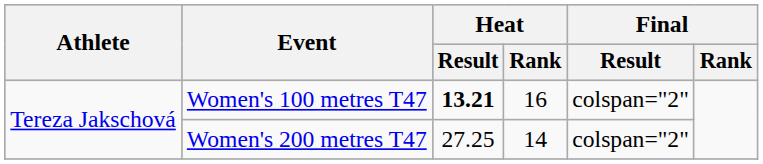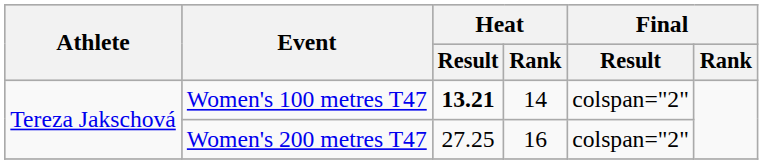 <table class=wikitable style="font-size:90%">
 <tr>
 <th rowspan="2">Athlete</th>
 <th rowspan="2">Event</th>
 <th colspan="2">Heat</th>
 <th colspan="2">Final</th>
 </tr>
 <tr style="font-size:95%">
 <th>Result</th>
 <th>Rank</th>
 <th>Result</th>
 <th>Rank</th>
 </tr>
 <tr align=center>
 <td rowspan=2 align=left><a href='#'>Tereza Jakschová</a></td>
 <td align=left><a href='#'>Women's 100 metres T47</a></td>
 <td><strong>13.21</strong></td>
-<td>16</td>
+<td>14</td>
 <td>colspan="2" </td>
 </tr>
 <tr align=center>
 <td align=left><a href='#'>Women's 200 metres T47</a></td>
 <td>27.25</td>
-<td>14</td>
+<td>16</td>
 <td>colspan="2" </td>
 </tr>
 </table>
